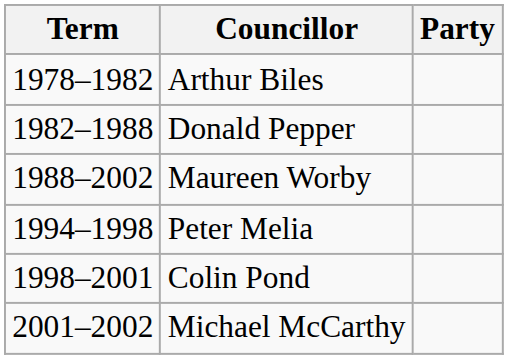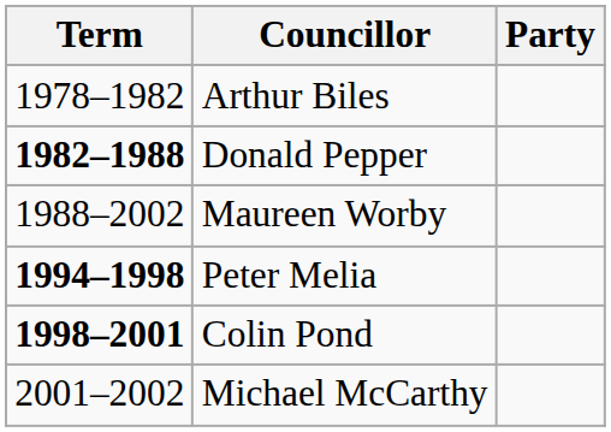 <table class="wikitable">
 <tr>
 <th>Term</th>
 <th>Councillor</th>
 <th colspan=2>Party</th>
 </tr>
 <tr>
 <td>1978–1982</td>
 <td>Arthur Biles</td>
 <td></td>
 </tr>
 <tr>
-<td>1982–1988</td>
+<td><strong>1982–1988</strong></td>
 <td>Donald Pepper</td>
 <td></td>
 </tr>
 <tr>
 <td>1988–2002</td>
 <td>Maureen Worby</td>
 <td></td>
 </tr>
 <tr>
-<td>1994–1998</td>
+<td><strong>1994–1998</strong></td>
 <td>Peter Melia</td>
 <td></td>
 </tr>
 <tr>
-<td>1998–2001</td>
+<td><strong>1998–2001</strong></td>
 <td>Colin Pond</td>
 <td></td>
 </tr>
 <tr>
 <td>2001–2002</td>
 <td>Michael McCarthy</td>
 <td></td>
 </tr>
 </table>
